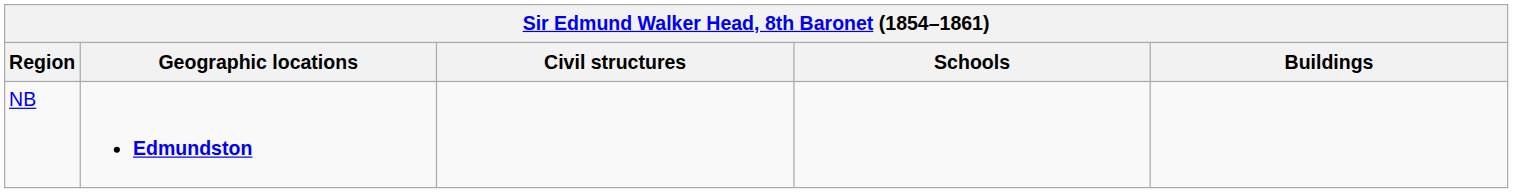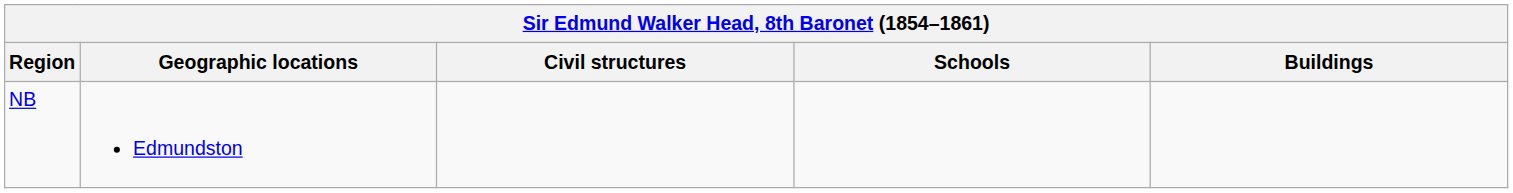 <table class="wikitable sortable" style="font-size:1.00em; line-height:1.5em;">
 <tr>
 <th colspan="5"> <a href='#'>Sir Edmund Walker Head, 8th Baronet</a> (1854–1861)</th>
 </tr>
 <tr>
 <th width="5%">Region</th>
 <th width="23.75%">Geographic locations</th>
 <th width="23.75%">Civil structures</th>
 <th width="23.75%">Schools</th>
 <th width="23.75%">Buildings</th>
 </tr>
 <tr>
 <td align=left valign=top> <a href='#'>NB</a></td>
-<td align=left valign=top><strong><br><ul><li><a href='#'>Edmundston</a></li></ul></strong></td>
+<td align=left valign=top><br><ul><li><a href='#'>Edmundston</a></li></ul></td>
 <td></td>
 <td></td>
 <td></td>
 </tr>
 </table>
